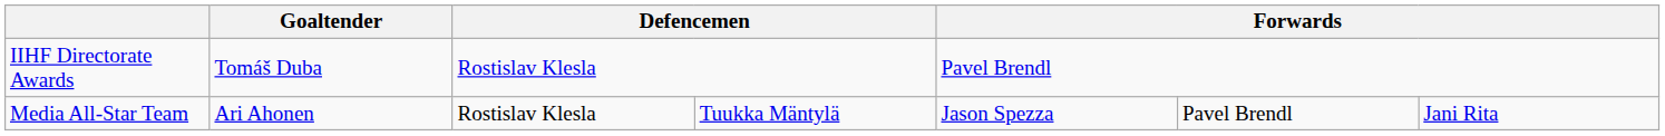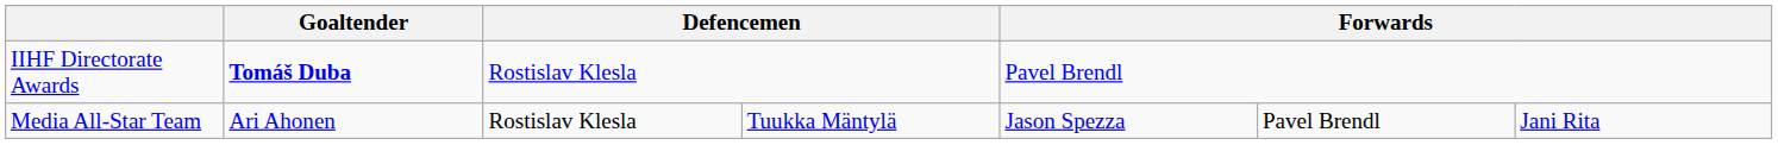 <table class="wikitable">
 <tr>
 <th width=150></th>
 <th width=180>Goaltender</th>
 <th colspan=2>Defencemen</th>
 <th colspan=3>Forwards</th>
 </tr>
 <tr>
 <td><a href='#'>IIHF Directorate Awards</a></td>
-<td> <a href='#'>Tomáš Duba</a></td>
+<td><strong> <a href='#'>Tomáš Duba</a></strong></td>
 <td colspan=2> <a href='#'>Rostislav Klesla</a></td>
 <td colspan=3> <a href='#'>Pavel Brendl</a></td>
 </tr>
 <tr>
 <td><a href='#'>Media All-Star Team</a></td>
 <td> <a href='#'>Ari Ahonen</a></td>
 <td width=180> Rostislav Klesla</td>
 <td width=180> <a href='#'>Tuukka Mäntylä</a></td>
 <td width=180> <a href='#'>Jason Spezza</a></td>
 <td width=180> Pavel Brendl</td>
 <td width=180> <a href='#'>Jani Rita</a></td>
 </tr>
 </table>
